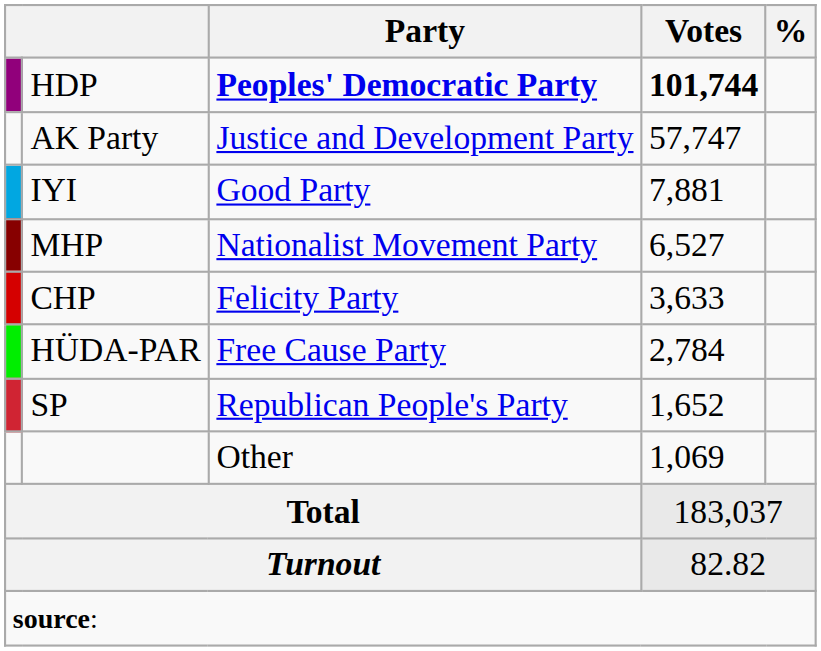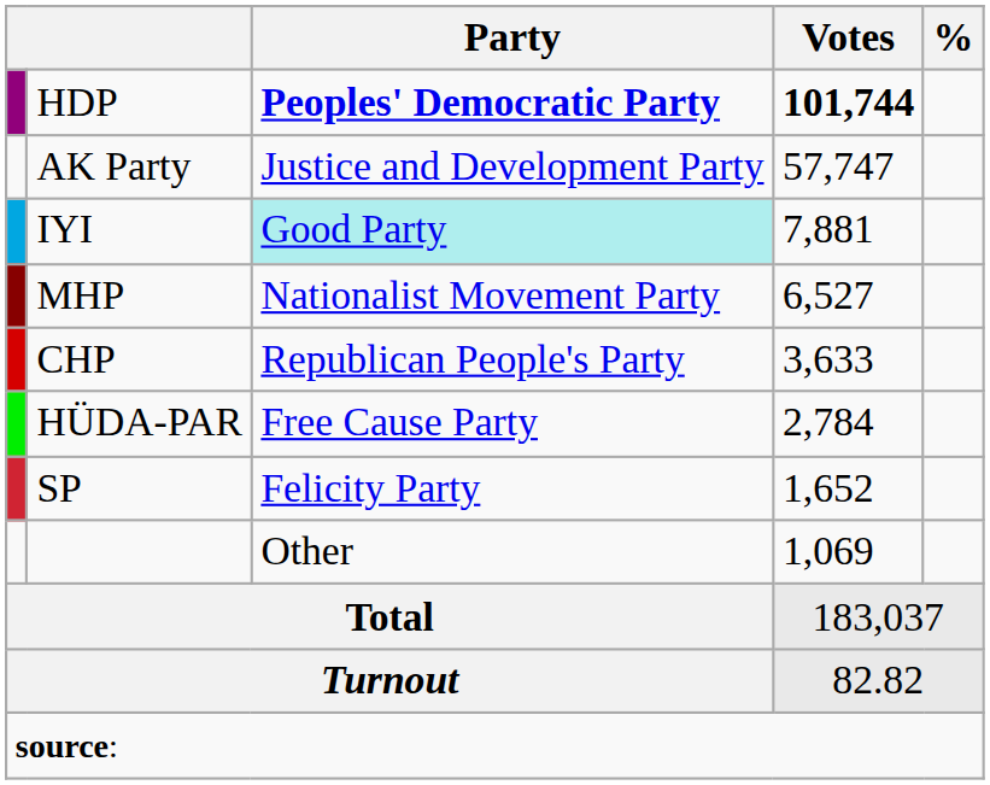 <table class="wikitable">
 <tr>
 <th colspan="2" align="center"></th>
 <th align="center">Party</th>
 <th align="center">Votes</th>
 <th align="center">%</th>
 </tr>
 <tr align="left">
 <td bgcolor="#91007B" width="1"></td>
 <td>HDP</td>
 <td><strong><a href='#'>Peoples' Democratic Party</a></strong></td>
 <td><strong>101,744</strong></td>
 <td><strong></strong></td>
 </tr>
 <tr align="left">
 <td></td>
 <td>AK Party</td>
 <td><a href='#'>Justice and Development Party</a></td>
 <td>57,747</td>
 <td></td>
 </tr>
 <tr align="left">
 <td bgcolor="#01A7E1" width="1"></td>
 <td>IYI</td>
-<td><a href='#'>Good Party</a></td>
+<td style="background: paleturquoise;"><a href='#'>Good Party</a></td>
 <td>7,881</td>
 <td></td>
 </tr>
 <tr align="left">
 <td bgcolor="#870000" width="1"></td>
 <td>MHP</td>
 <td><a href='#'>Nationalist Movement Party</a></td>
 <td>6,527</td>
 <td></td>
 </tr>
 <tr align="left">
 <td bgcolor="#d50000" width="1"></td>
 <td>CHP</td>
-<td><a href='#'>Felicity Party</a></td>
+<td><a href='#'>Republican People's Party</a></td>
 <td>3,633</td>
 <td></td>
 </tr>
 <tr align="left">
 <td bgcolor="#Green" width="1"></td>
 <td>HÜDA-PAR</td>
 <td><a href='#'>Free Cause Party</a></td>
 <td>2,784</td>
 <td></td>
 </tr>
 <tr align="left">
 <td bgcolor="#D02433" width="1"></td>
 <td>SP</td>
-<td><a href='#'>Republican People's Party</a></td>
+<td><a href='#'>Felicity Party</a></td>
 <td>1,652</td>
 <td></td>
 </tr>
 <tr align="left">
 <td bgcolor="" width="1"></td>
 <td></td>
 <td>Other</td>
 <td>1,069</td>
 <td></td>
 </tr>
 <tr align="left" style="background-color:#E9E9E9">
 <th colspan="3" align="center"><strong>Total</strong></th>
 <td colspan="5" align="center">183,037</td>
 </tr>
 <tr align="left" style="background-color:#E9E9E9">
 <th colspan="3" align="center"><em>Turnout</em></th>
 <td colspan="5" align="center">82.82</td>
 </tr>
 <tr>
 <td colspan="9" align="left"><small><strong>source</strong>: </small></td>
 </tr>
 </table>
